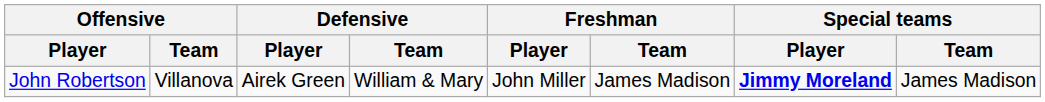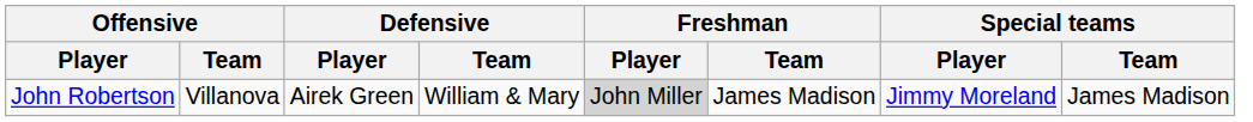 <table class="wikitable" border="1">
 <tr>
 <th colspan="2">Offensive</th>
 <th colspan="2">Defensive</th>
 <th colspan="2">Freshman</th>
 <th colspan="2">Special teams</th>
 </tr>
 <tr>
 <th>Player</th>
 <th>Team</th>
 <th>Player</th>
 <th>Team</th>
 <th>Player</th>
 <th>Team</th>
 <th>Player</th>
 <th>Team</th>
 </tr>
 <tr>
 <td><a href='#'>John Robertson</a></td>
 <td>Villanova</td>
 <td>Airek Green</td>
 <td>William & Mary</td>
-<td>John Miller</td>
+<td style="background: lightgrey;">John Miller</td>
 <td>James Madison</td>
-<td><strong><a href='#'>Jimmy Moreland</a></strong></td>
+<td><a href='#'>Jimmy Moreland</a></td>
 <td>James Madison</td>
 </tr>
 </table>
